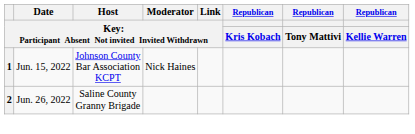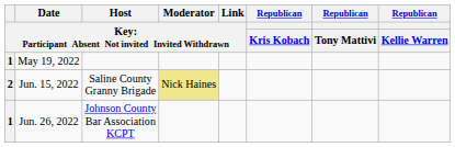 <table class="wikitable" style="text-align:center;">
 <tr>
 <th scope="col"></th>
 <th scope="col">Date</th>
 <th scope="col">Host</th>
 <th scope="col">Moderator</th>
 <th scope="col">Link</th>
 <th scope="col"><small><a href='#'>Republican</a></small></th>
 <th scope="col"><small><a href='#'>Republican</a></small></th>
 <th scope="col"><small><a href='#'>Republican</a></small></th>
 </tr>
 <tr>
 <th colspan="5" rowspan="2">Key:<br> <small>Participant </small>  <small>Absent </small>  <small>Not invited </small>  <small>Invited  Withdrawn</small></th>
 <th scope="col" style="background:"></th>
 <th scope="col" style="background:"></th>
 <th scope="col" style="background:"></th>
 </tr>
 <tr>
 <th scope="col"><a href='#'>Kris Kobach</a></th>
 <th scope="col">Tony Mattivi</th>
 <th scope="col"><a href='#'>Kellie Warren</a></th>
 </tr>
 <tr>
 <th>1</th>
-<td style="white-space:nowrap;">Jun. 15, 2022</td>
-<td style="white-space:nowrap;"><a href='#'>Johnson County</a><br>Bar Association<br><a href='#'>KCPT</a></td>
-<td style="white-space:nowrap;">Nick Haines</td>
+<td style="white-space:nowrap;">May 19, 2022</td>
+<td style="white-space:nowrap;"></td>
+<td style="white-space:nowrap;"></td>
 <td style="white-space:nowrap;"></td>
 <td></td>
 <td></td>
 <td></td>
 </tr>
 <tr>
 <th>2</th>
+<td style="white-space:nowrap;">Jun. 15, 2022</td>
+<td style="white-space:nowrap;">Saline County<br>Granny Brigade</td>
+<td style="background: khaki; white-space:nowrap;">Nick Haines</td>
+<td style="white-space:nowrap;"></td>
+<td></td>
+<td></td>
+<td></td>
+</tr>
+<tr>
+<th>1</th>
 <td style="white-space:nowrap;">Jun. 26, 2022</td>
-<td style="white-space:nowrap;">Saline County<br>Granny Brigade</td>
+<td style="white-space:nowrap;"><a href='#'>Johnson County</a><br>Bar Association<br><a href='#'>KCPT</a></td>
 <td style="white-space:nowrap;"></td>
 <td style="white-space:nowrap;"></td>
 <td></td>
 <td></td>
 <td></td>
 </tr>
 </table>
